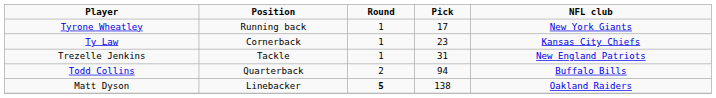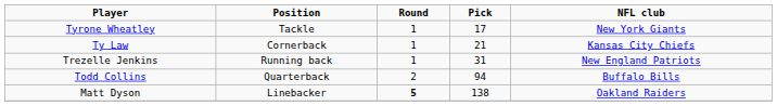 <table class="wikitable" width="80%">
 <tr align="center">
 <td><strong>Player</strong></td>
 <td><strong>Position</strong></td>
 <td><strong>Round</strong></td>
 <td><strong>Pick</strong></td>
 <td><strong>NFL club</strong></td>
 </tr>
 <tr align="center" bgcolor="">
 <td><a href='#'>Tyrone Wheatley</a></td>
-<td>Running back</td>
+<td>Tackle</td>
 <td>1</td>
 <td>17</td>
 <td><a href='#'>New York Giants</a></td>
 </tr>
 <tr align="center" bgcolor="">
 <td><a href='#'>Ty Law</a></td>
 <td>Cornerback</td>
 <td>1</td>
-<td>23</td>
+<td>21</td>
 <td><a href='#'>Kansas City Chiefs</a></td>
 </tr>
 <tr align="center" bgcolor="">
 <td>Trezelle Jenkins</td>
-<td>Tackle</td>
+<td>Running back</td>
 <td>1</td>
 <td>31</td>
 <td><a href='#'>New England Patriots</a></td>
 </tr>
 <tr align="center" bgcolor="">
 <td><a href='#'>Todd Collins</a></td>
 <td>Quarterback</td>
 <td>2</td>
 <td>94</td>
 <td><a href='#'>Buffalo Bills</a></td>
 </tr>
 <tr align="center" bgcolor="">
 <td>Matt Dyson</td>
 <td>Linebacker</td>
 <td><strong>5</strong></td>
 <td>138</td>
 <td><a href='#'>Oakland Raiders</a></td>
 </tr>
 <tr align="center" bgcolor="">
 </tr>
 </table>
